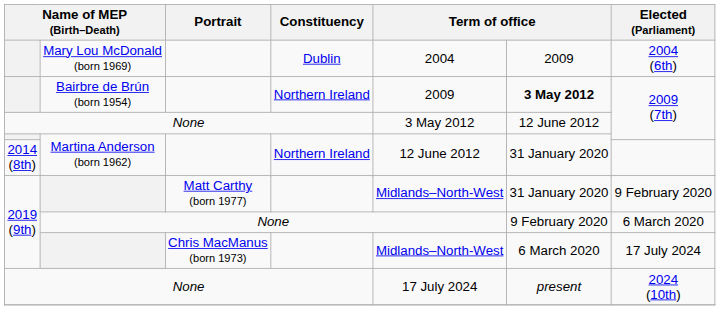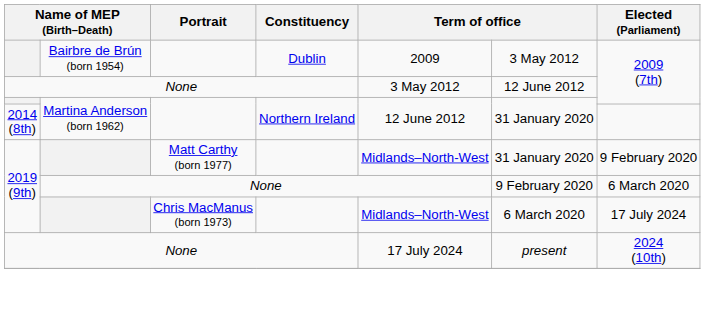 <table class="wikitable" style="text-align:center">
 <tr>
 <th colspan=2>Name of MEP<br><small>(Birth–Death)</small></th>
 <th>Portrait</th>
 <th>Constituency</th>
 <th colspan=2>Term of office</th>
 <th>Elected<br><small>(Parliament)</small></th>
 </tr>
 <tr>
 <th style="background:"></th>
-<td><a href='#'>Mary Lou McDonald</a><br><small>(born 1969)</small></td>
+<td><a href='#'>Bairbre de Brún</a><br><small>(born 1954)</small></td>
 <td></td>
 <td><a href='#'>Dublin</a></td>
-<td>2004</td>
 <td>2009</td>
-<td><a href='#'>2004</a><br>(<a href='#'>6th</a>)</td>
-</tr>
-<tr>
-<th style="background:"></th>
-<td><a href='#'>Bairbre de Brún</a><br><small>(born 1954)</small></td>
-<td></td>
-<td><a href='#'>Northern Ireland</a></td>
-<td>2009</td>
-<td><strong>3 May 2012</strong></td>
+<td>3 May 2012</td>
 <td rowspan=3><a href='#'>2009</a><br>(<a href='#'>7th</a>)</td>
 </tr>
 <tr>
 <td colspan=4><em>None</em></td>
 <td>3 May 2012</td>
 <td>12 June 2012</td>
 </tr>
 <tr>
 <th style="background:"></th>
 <td rowspan=3><a href='#'>Martina Anderson</a><br><small>(born 1962)</small></td>
 <td rowspan=3></td>
 <td rowspan=3><a href='#'>Northern Ireland</a></td>
 <td rowspan=3>12 June 2012</td>
 <td rowspan=3>31 January 2020</td>
 </tr>
 <tr>
 <td><a href='#'>2014</a><br>(<a href='#'>8th</a>)</td>
 </tr>
 <tr>
 <td rowspan=4><a href='#'>2019</a><br>(<a href='#'>9th</a>)</td>
 </tr>
 <tr>
 <th style="background:"></th>
 <td><a href='#'>Matt Carthy</a><br><small>(born 1977)</small></td>
 <td></td>
 <td><a href='#'>Midlands–North-West</a></td>
 <td>31 January 2020</td>
 <td>9 February 2020</td>
 </tr>
 <tr>
 <td colspan=4><em>None</em></td>
 <td>9 February 2020</td>
 <td>6 March 2020</td>
 </tr>
 <tr>
 <th style="background:"></th>
 <td><a href='#'>Chris MacManus</a><br><small>(born 1973)</small></td>
 <td></td>
 <td><a href='#'>Midlands–North-West</a></td>
 <td>6 March 2020</td>
 <td>17 July 2024</td>
 </tr>
 <tr>
 <td colspan=4><em>None</em></td>
 <td>17 July 2024</td>
 <td><em>present</em></td>
 <td><a href='#'>2024</a><br>(<a href='#'>10th</a>)</td>
 </tr>
 <tr>
 </tr>
 </table>
